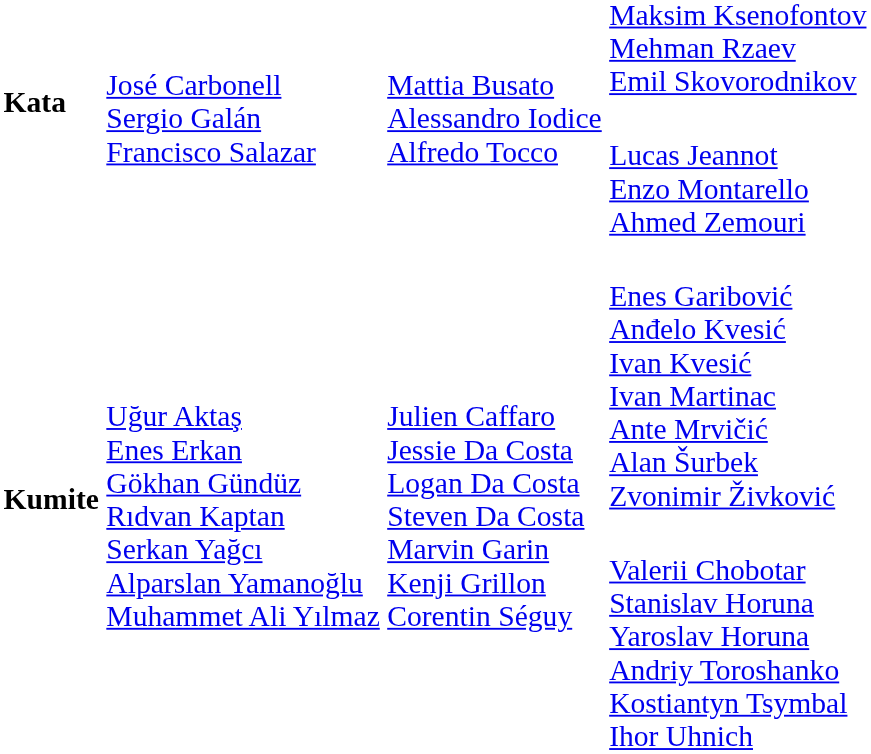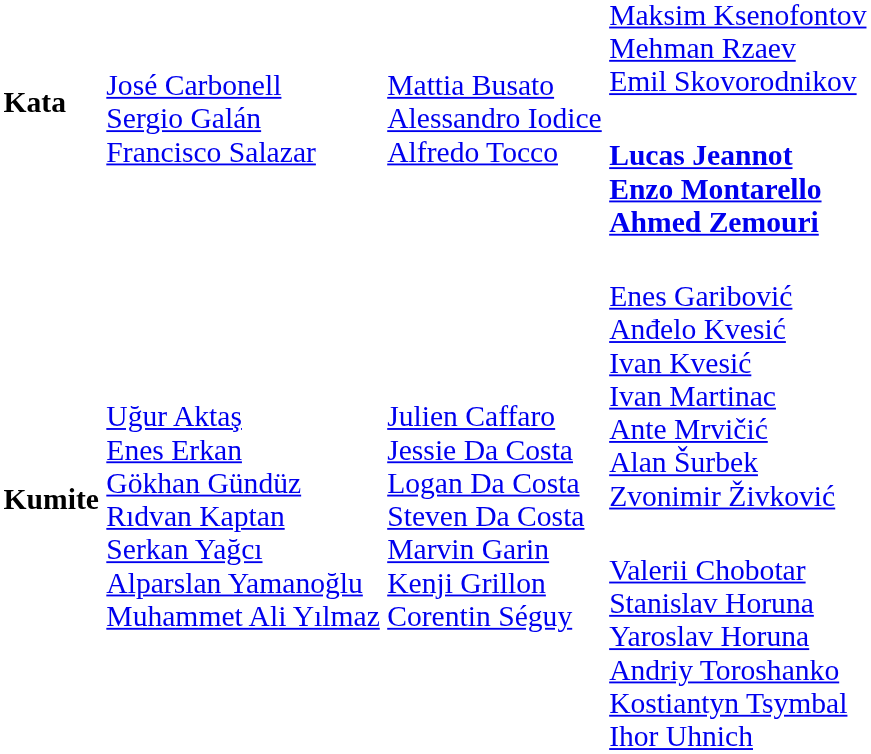 <table>
 <tr>
 <td rowspan=2><strong>Kata</strong></td>
 <td rowspan=2><br><a href='#'>José Carbonell</a><br><a href='#'>Sergio Galán</a><br><a href='#'>Francisco Salazar</a></td>
 <td rowspan=2><br><a href='#'>Mattia Busato</a><br><a href='#'>Alessandro Iodice</a><br><a href='#'>Alfredo Tocco</a></td>
 <td><br><a href='#'>Maksim Ksenofontov</a><br><a href='#'>Mehman Rzaev</a><br><a href='#'>Emil Skovorodnikov</a></td>
 </tr>
 <tr>
-<td><br><a href='#'>Lucas Jeannot</a><br><a href='#'>Enzo Montarello</a><br><a href='#'>Ahmed Zemouri</a></td>
+<td><strong><br><a href='#'>Lucas Jeannot</a><br><a href='#'>Enzo Montarello</a><br><a href='#'>Ahmed Zemouri</a></strong></td>
 </tr>
 <tr>
 <td rowspan=2><strong>Kumite</strong></td>
 <td rowspan=2><br><a href='#'>Uğur Aktaş</a><br><a href='#'>Enes Erkan</a><br><a href='#'>Gökhan Gündüz</a><br><a href='#'>Rıdvan Kaptan</a><br><a href='#'>Serkan Yağcı</a><br><a href='#'>Alparslan Yamanoğlu</a><br><a href='#'>Muhammet Ali Yılmaz</a></td>
 <td rowspan=2><br><a href='#'>Julien Caffaro</a><br><a href='#'>Jessie Da Costa</a><br><a href='#'>Logan Da Costa</a><br><a href='#'>Steven Da Costa</a><br><a href='#'>Marvin Garin</a><br><a href='#'>Kenji Grillon</a><br><a href='#'>Corentin Séguy</a></td>
 <td><br><a href='#'>Enes Garibović</a><br><a href='#'>Anđelo Kvesić</a><br><a href='#'>Ivan Kvesić</a><br><a href='#'>Ivan Martinac</a><br><a href='#'>Ante Mrvičić</a><br><a href='#'>Alan Šurbek</a><br><a href='#'>Zvonimir Živković</a></td>
 </tr>
 <tr>
 <td><br><a href='#'>Valerii Chobotar</a><br><a href='#'>Stanislav Horuna</a><br><a href='#'>Yaroslav Horuna</a><br><a href='#'>Andriy Toroshanko</a><br><a href='#'>Kostiantyn Tsymbal</a><br><a href='#'>Ihor Uhnich</a></td>
 </tr>
 </table>
